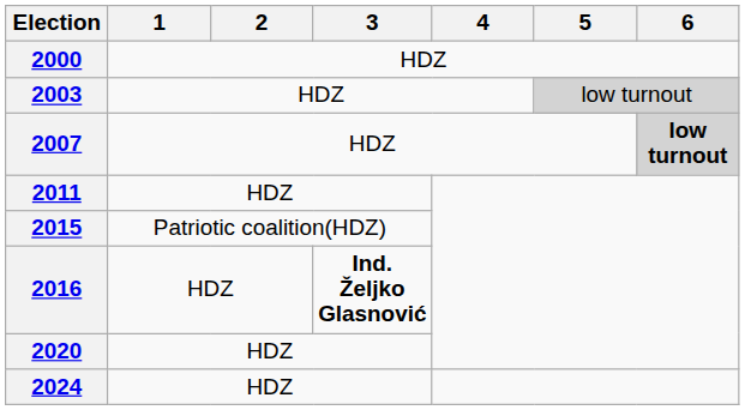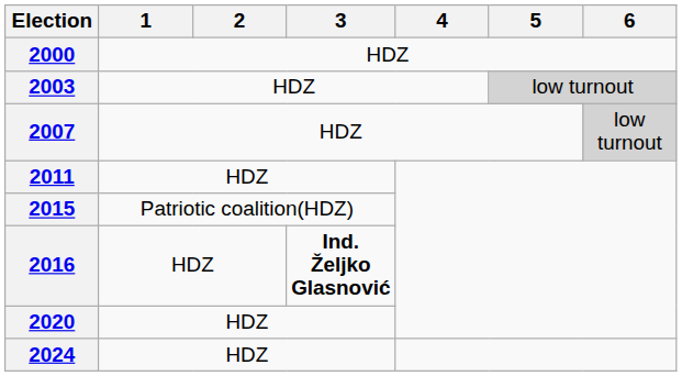 <table class=wikitable style="text-align: center;">
 <tr>
 <th style="width: 65px;">Election</th>
 <th style="width: 65px;">1</th>
 <th style="width: 65px;">2</th>
 <th style="width: 65px;">3</th>
 <th style="width: 65px;">4</th>
 <th style="width: 65px;">5</th>
 <th style="width: 65px;">6</th>
 </tr>
 <tr>
 <th><a href='#'>2000</a></th>
 <td colspan=6 style="background:">HDZ</td>
 </tr>
 <tr>
 <th><a href='#'>2003</a></th>
 <td colspan=4 style="background:">HDZ</td>
 <td colspan=2 style="background:lightgrey">low turnout</td>
 </tr>
 <tr>
 <th><a href='#'>2007</a></th>
 <td colspan=5 style="background:">HDZ</td>
-<td style="background:lightgrey"><strong>low turnout</strong></td>
+<td style="background:lightgrey">low turnout</td>
 </tr>
 <tr>
 <th><a href='#'>2011</a></th>
 <td colspan=3 style="background:">HDZ</td>
 <td colspan=3 rowspan=4></td>
 </tr>
 <tr>
 <th><a href='#'>2015</a></th>
 <td colspan=3 style="background:">Patriotic coalition(HDZ)</td>
 </tr>
 <tr>
 <th><a href='#'>2016</a></th>
 <td colspan=2 style="background:">HDZ</td>
 <td style="background:"><strong>Ind. Željko Glasnović</strong></td>
 </tr>
 <tr>
 <th><a href='#'>2020</a></th>
 <td colspan=3 style="background:">HDZ</td>
 </tr>
 <tr>
 <th><a href='#'>2024</a></th>
 <td colspan=3 style="background:">HDZ</td>
 </tr>
 </table>
